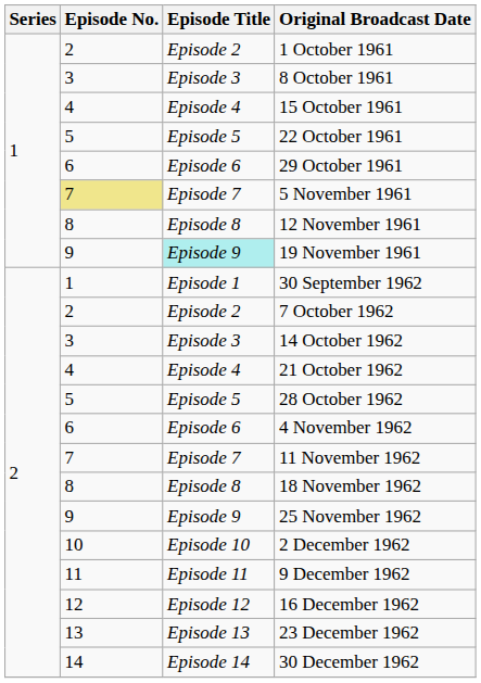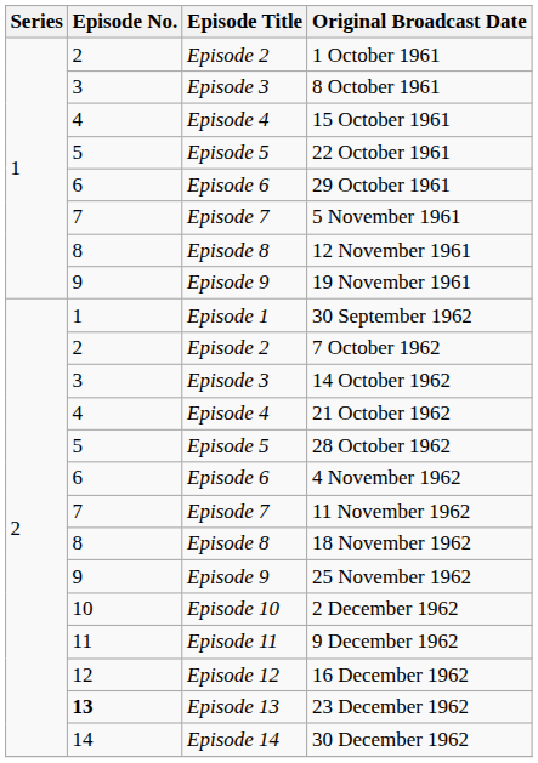 <table class="wikitable">
 <tr>
 <th>Series</th>
 <th>Episode No.</th>
 <th>Episode Title</th>
 <th>Original Broadcast Date</th>
 </tr>
 <tr>
 <td rowspan="8">1</td>
 <td>2</td>
 <td><em>Episode 2</em></td>
 <td>1 October 1961</td>
 </tr>
 <tr>
 <td>3</td>
 <td><em>Episode 3</em></td>
 <td>8 October 1961</td>
 </tr>
 <tr>
 <td>4</td>
 <td><em>Episode 4</em></td>
 <td>15 October 1961</td>
 </tr>
 <tr>
 <td>5</td>
 <td><em>Episode 5 </em></td>
 <td>22 October 1961</td>
 </tr>
 <tr>
 <td>6</td>
 <td><em>Episode 6 </em></td>
 <td>29 October 1961</td>
 </tr>
 <tr>
-<td style="background: khaki;">7</td>
+<td>7</td>
 <td><em>Episode 7</em></td>
 <td>5 November 1961</td>
 </tr>
 <tr>
 <td>8</td>
 <td><em>Episode 8</em></td>
 <td>12 November 1961</td>
 </tr>
 <tr>
 <td>9</td>
-<td style="background: paleturquoise;"><em>Episode 9</em></td>
+<td><em>Episode 9</em></td>
 <td>19 November 1961</td>
 </tr>
 <tr>
 <td rowspan="14">2</td>
 <td>1</td>
 <td><em>Episode 1</em></td>
 <td>30 September 1962</td>
 </tr>
 <tr>
 <td>2</td>
 <td><em>Episode 2</em></td>
 <td>7 October 1962</td>
 </tr>
 <tr>
 <td>3</td>
 <td><em>Episode 3</em></td>
 <td>14 October 1962</td>
 </tr>
 <tr>
 <td>4</td>
 <td><em>Episode 4</em></td>
 <td>21 October 1962</td>
 </tr>
 <tr>
 <td>5</td>
 <td><em>Episode 5</em></td>
 <td>28 October 1962</td>
 </tr>
 <tr>
 <td>6</td>
 <td><em>Episode 6</em></td>
 <td>4 November 1962</td>
 </tr>
 <tr>
 <td>7</td>
 <td><em>Episode 7</em></td>
 <td>11 November 1962</td>
 </tr>
 <tr>
 <td>8</td>
 <td><em>Episode 8</em></td>
 <td>18 November 1962</td>
 </tr>
 <tr>
 <td>9</td>
 <td><em>Episode 9</em></td>
 <td>25 November 1962</td>
 </tr>
 <tr>
 <td>10</td>
 <td><em>Episode 10</em></td>
 <td>2 December 1962</td>
 </tr>
 <tr>
 <td>11</td>
 <td><em>Episode 11</em></td>
 <td>9 December 1962</td>
 </tr>
 <tr>
 <td>12</td>
 <td><em>Episode 12</em></td>
 <td>16 December 1962</td>
 </tr>
 <tr>
-<td>13</td>
+<td><strong>13</strong></td>
 <td><em>Episode 13</em></td>
 <td>23 December 1962</td>
 </tr>
 <tr>
 <td>14</td>
 <td><em>Episode 14</em></td>
 <td>30 December 1962</td>
 </tr>
 <tr>
 </tr>
 </table>
